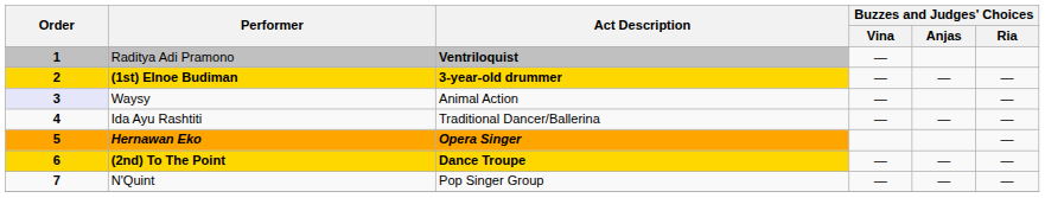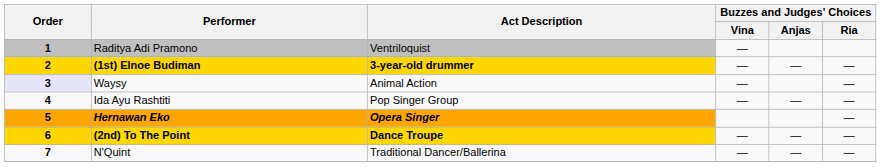 <table class="wikitable" style="width:100%;">
 <tr>
 <th rowspan=2>Order</th>
 <th rowspan=2>Performer</th>
 <th rowspan=2>Act Description</th>
 <th colspan=3>Buzzes and Judges' Choices</th>
 </tr>
 <tr>
 <th width="70">Vina</th>
 <th width="70">Anjas</th>
 <th width="70">Ria</th>
 </tr>
 <tr>
 <td style="background:silver;" align="center"><strong>1</strong></td>
 <td style="background:silver;">Raditya Adi Pramono</td>
-<td style="background:silver;"><strong>Ventriloquist</strong></td>
+<td style="background:silver;">Ventriloquist</td>
 <td align="center">—</td>
 <td style="text-align:center;"></td>
 <td style="text-align:center;"></td>
 </tr>
 <tr>
 <td style="background:gold;" align="center"><strong>2</strong></td>
 <td style="background:gold;"><strong>(1st) Elnoe Budiman</strong></td>
 <td style="background:gold;"><strong>3-year-old drummer</strong></td>
 <td align="center">—</td>
 <td align="center">—</td>
 <td align="center">—</td>
 </tr>
 <tr>
 <td align="center" style="background: lavender;"><strong>3</strong></td>
 <td>Waysy</td>
 <td>Animal Action</td>
 <td align="center">—</td>
 <td style="text-align:center;"></td>
 <td align="center">—</td>
 </tr>
 <tr>
 <td align="center"><strong>4</strong></td>
 <td>Ida Ayu Rashtiti</td>
-<td>Traditional Dancer/Ballerina</td>
+<td>Pop Singer Group</td>
 <td align="center">—</td>
 <td align="center">—</td>
 <td align="center">—</td>
 </tr>
 <tr>
 <td style="background:orange;" align="center"><strong>5</strong></td>
 <td style="background:orange;"><strong><em>Hernawan Eko</em></strong></td>
 <td style="background:orange;"><strong><em>Opera Singer</em></strong></td>
 <td style="text-align:center;"></td>
 <td style="text-align:center;"></td>
 <td align="center">—</td>
 </tr>
 <tr>
 <td style="background:gold;" align="center"><strong>6</strong></td>
 <td style="background:gold;"><strong>(2nd) To The Point</strong></td>
 <td style="background:gold;"><strong>Dance Troupe</strong></td>
 <td align="center">—</td>
 <td align="center">—</td>
 <td align="center">—</td>
 </tr>
 <tr>
 <td align="center"><strong>7</strong></td>
 <td>N'Quint</td>
-<td>Pop Singer Group</td>
+<td>Traditional Dancer/Ballerina</td>
 <td align="center">—</td>
 <td align="center">—</td>
 <td align="center">—</td>
 </tr>
 <tr>
 </tr>
 </table>
